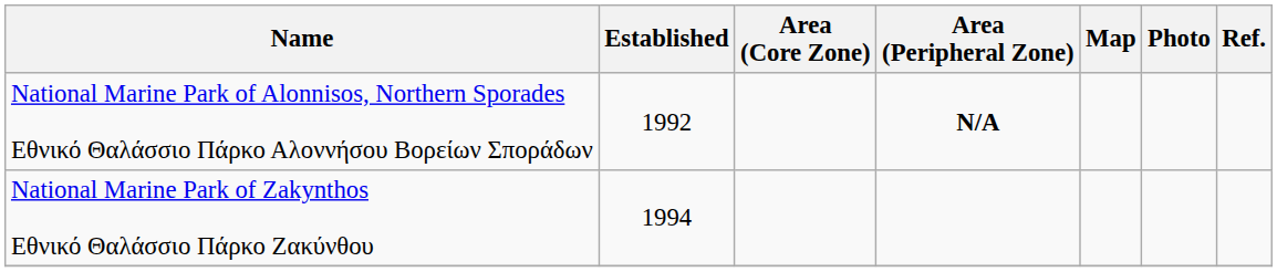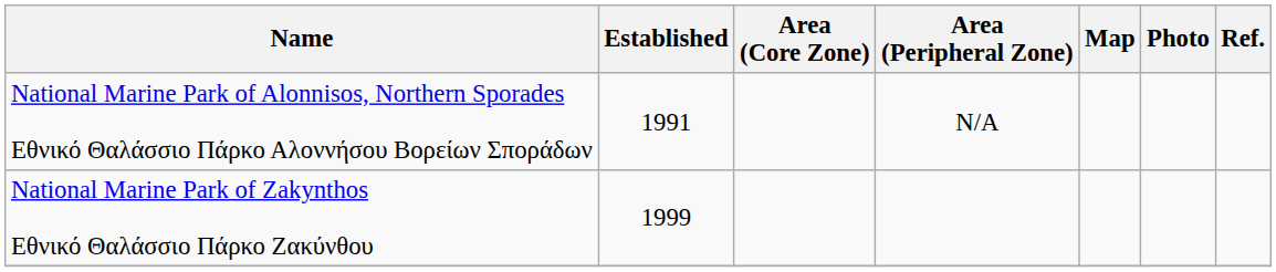 <table class="wikitable sortable">
 <tr>
 <th>Name</th>
 <th>Established</th>
 <th>Area<br>(Core Zone)</th>
 <th>Area<br>(Peripheral Zone)</th>
 <th class="unsortable">Map</th>
 <th class="unsortable">Photo</th>
 <th class="unsortable">Ref.</th>
 </tr>
 <tr>
 <td><a href='#'>National Marine Park of Alonnisos, Northern Sporades</a><br><br>Εθνικό Θαλάσσιο Πάρκο Αλοννήσου Βορείων Σποράδων</td>
-<td align="center">1992</td>
+<td align="center">1991</td>
 <td></td>
-<td align="center"><strong>N/A</strong></td>
+<td align="center">N/A</td>
 <td align="center" style="padding:0"></td>
 <td align="center" style="padding:0"></td>
 <td></td>
 </tr>
 <tr>
 <td><a href='#'>National Marine Park of Zakynthos</a><br><br>Εθνικό Θαλάσσιο Πάρκο Ζακύνθου</td>
-<td align="center">1994</td>
+<td align="center">1999</td>
 <td></td>
 <td></td>
 <td align="center" style="padding:0"></td>
 <td align="center" style="padding:0"></td>
 <td><br></td>
 </tr>
 <tr>
 </tr>
 </table>
